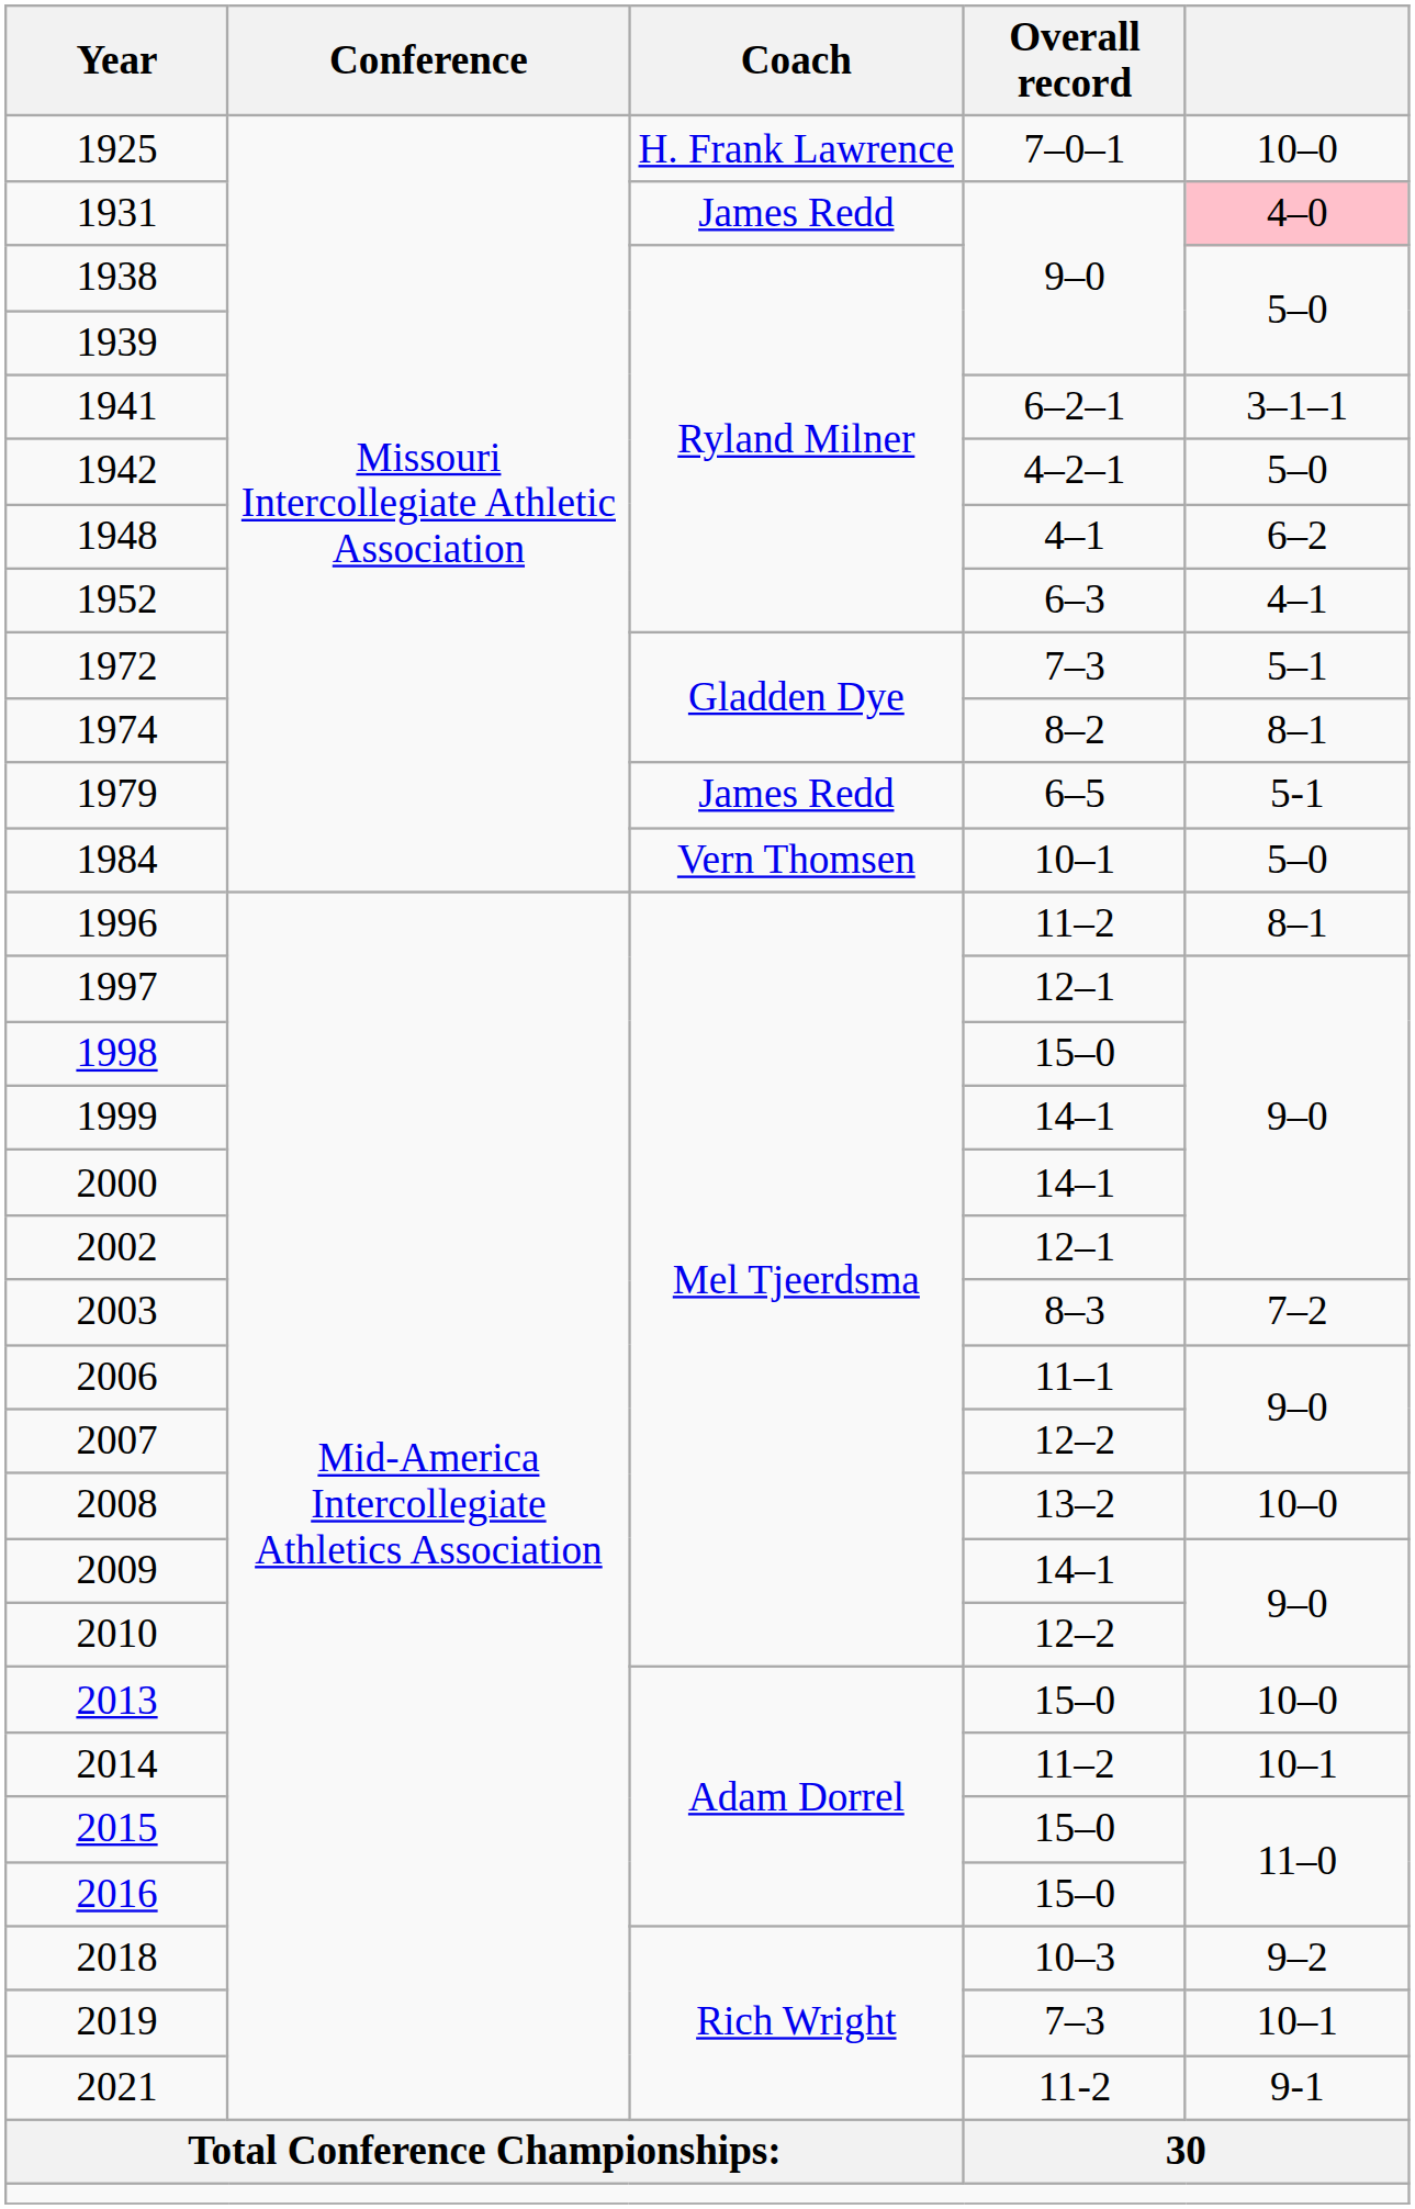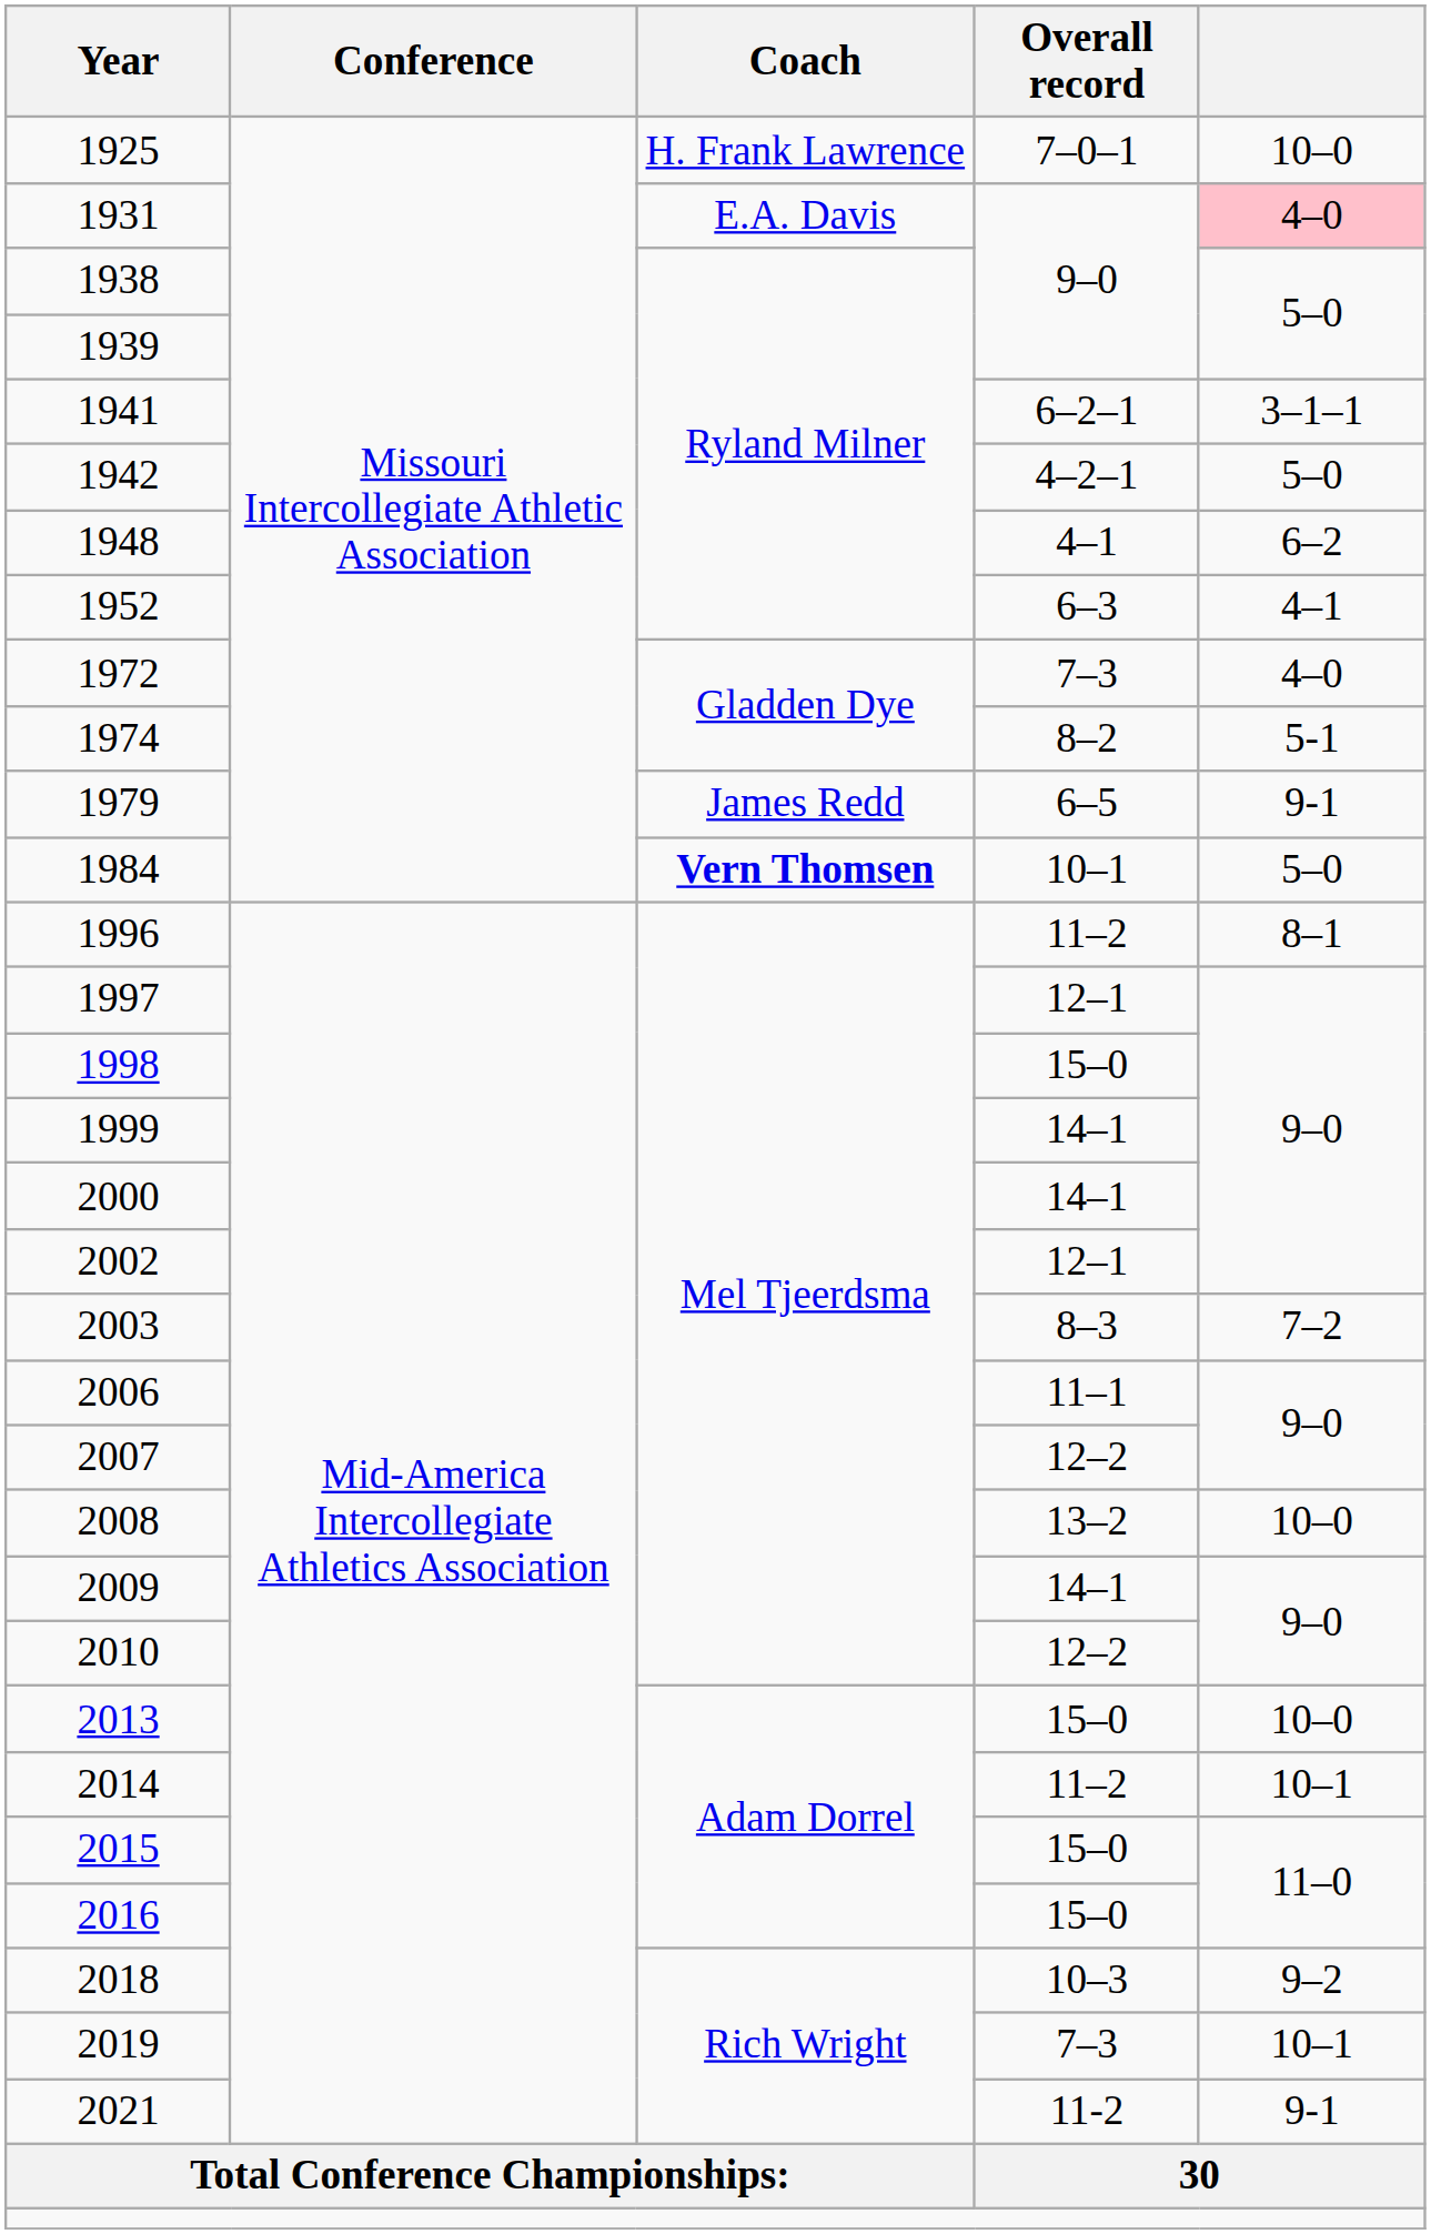 <table class="wikitable" style="width: %; text-align:center";>
 <tr>
 <th width=80px>Year</th>
 <th width=150px>Conference</th>
 <th width=px>Coach</th>
 <th width=80px>Overall<br>record</th>
 <th width=80px></th>
 </tr>
 <tr>
 <td>1925</td>
 <td rowspan="12"><a href='#'>Missouri Intercollegiate Athletic Association</a></td>
 <td><a href='#'>H. Frank Lawrence</a></td>
 <td>7–0–1</td>
 <td>10–0</td>
 </tr>
 <tr>
 <td>1931</td>
-<td><a href='#'>James Redd</a></td>
+<td><a href='#'>E.A. Davis</a></td>
 <td rowspan="3">9–0</td>
 <td style="background: pink;">4–0</td>
 </tr>
 <tr>
 <td>1938</td>
 <td rowspan="6"><a href='#'>Ryland Milner</a></td>
 <td rowspan="2">5–0</td>
 </tr>
 <tr>
 <td>1939</td>
 </tr>
 <tr>
 <td>1941</td>
 <td>6–2–1</td>
 <td>3–1–1</td>
 </tr>
 <tr>
 <td>1942</td>
 <td>4–2–1</td>
 <td>5–0</td>
 </tr>
 <tr>
 <td>1948</td>
 <td>4–1</td>
 <td>6–2</td>
 </tr>
 <tr>
 <td>1952</td>
 <td>6–3</td>
 <td>4–1</td>
 </tr>
 <tr>
 <td>1972</td>
 <td rowspan="2"><a href='#'>Gladden Dye</a></td>
 <td>7–3</td>
-<td>5–1</td>
+<td>4–0</td>
 </tr>
 <tr>
 <td>1974</td>
 <td>8–2</td>
-<td>8–1</td>
+<td>5-1</td>
 </tr>
 <tr>
 <td>1979</td>
 <td><a href='#'>James Redd</a></td>
 <td>6–5</td>
-<td>5-1</td>
+<td>9-1</td>
 </tr>
 <tr>
 <td>1984</td>
-<td><a href='#'>Vern Thomsen</a></td>
+<td><strong><a href='#'>Vern Thomsen</a></strong></td>
 <td>10–1</td>
 <td>5–0</td>
 </tr>
 <tr>
 <td>1996</td>
 <td rowspan="19"><a href='#'>Mid-America Intercollegiate Athletics Association</a></td>
 <td rowspan="12"><a href='#'>Mel Tjeerdsma</a></td>
 <td>11–2</td>
 <td>8–1</td>
 </tr>
 <tr>
 <td>1997</td>
 <td>12–1</td>
 <td rowspan="5">9–0</td>
 </tr>
 <tr>
 <td><a href='#'>1998</a></td>
 <td>15–0</td>
 </tr>
 <tr>
 <td>1999</td>
 <td>14–1</td>
 </tr>
 <tr>
 <td>2000</td>
 <td>14–1</td>
 </tr>
 <tr>
 <td>2002</td>
 <td>12–1</td>
 </tr>
 <tr>
 <td>2003</td>
 <td>8–3</td>
 <td>7–2</td>
 </tr>
 <tr>
 <td>2006</td>
 <td>11–1</td>
 <td rowspan="2">9–0</td>
 </tr>
 <tr>
 <td>2007</td>
 <td>12–2</td>
 </tr>
 <tr>
 <td>2008</td>
 <td>13–2</td>
 <td>10–0</td>
 </tr>
 <tr>
 <td>2009</td>
 <td>14–1</td>
 <td rowspan="2">9–0</td>
 </tr>
 <tr>
 <td>2010</td>
 <td>12–2</td>
 </tr>
 <tr>
 <td><a href='#'>2013</a></td>
 <td rowspan="4"><a href='#'>Adam Dorrel</a></td>
 <td>15–0</td>
 <td>10–0</td>
 </tr>
 <tr>
 <td>2014</td>
 <td>11–2</td>
 <td>10–1</td>
 </tr>
 <tr>
 <td><a href='#'>2015</a></td>
 <td>15–0</td>
 <td rowspan="2">11–0</td>
 </tr>
 <tr>
 <td><a href='#'>2016</a></td>
 <td>15–0</td>
 </tr>
 <tr>
 <td>2018</td>
 <td rowspan="3"><a href='#'>Rich Wright</a></td>
 <td>10–3</td>
 <td>9–2</td>
 </tr>
 <tr>
 <td>2019</td>
 <td>7–3</td>
 <td>10–1</td>
 </tr>
 <tr>
 <td>2021</td>
 <td>11-2</td>
 <td>9-1</td>
 </tr>
 <tr>
 <th colspan=3><strong>Total Conference Championships:</strong></th>
 <th colspan=2><strong>30</strong></th>
 </tr>
 <tr>
 <td colspan=7></td>
 </tr>
 </table>
